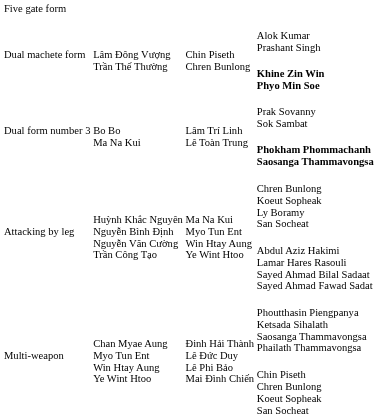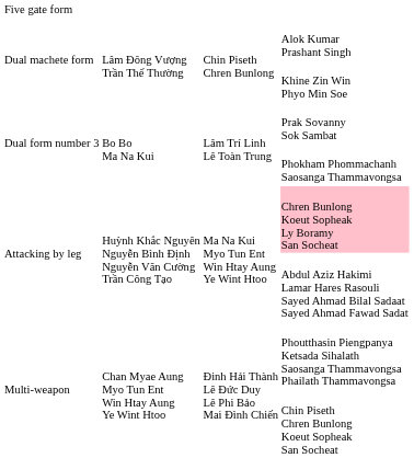 <table>
 <tr>
 <td rowspan=2>Five gate form</td>
 <td rowspan=2></td>
 <td rowspan=2></td>
 <td></td>
 </tr>
 <tr>
 <td></td>
 </tr>
 <tr>
 <td rowspan=2>Dual machete form</td>
 <td rowspan=2><br>Lâm Đông Vượng<br>Trần Thế Thường</td>
 <td rowspan=2><br>Chin Piseth<br>Chren Bunlong</td>
 <td><br>Alok Kumar<br>Prashant Singh</td>
 </tr>
 <tr>
-<td><strong><br>Khine Zin Win<br>Phyo Min Soe</strong></td>
+<td><br>Khine Zin Win<br>Phyo Min Soe</td>
 </tr>
 <tr>
 <td rowspan=2>Dual form number 3</td>
 <td rowspan=2><br>Bo Bo<br>Ma Na Kui</td>
 <td rowspan=2><br>Lâm Trí Linh<br>Lê Toàn Trung</td>
 <td><br>Prak Sovanny<br>Sok Sambat</td>
 </tr>
 <tr>
-<td><strong><br>Phokham Phommachanh<br>Saosanga Thammavongsa</strong></td>
+<td><br>Phokham Phommachanh<br>Saosanga Thammavongsa</td>
 </tr>
 <tr>
 <td rowspan=2>Attacking by leg</td>
 <td rowspan=2><br>Huỳnh Khắc Nguyên<br>Nguyễn Bình Định<br>Nguyễn Văn Cường<br>Trần Công Tạo</td>
 <td rowspan=2><br>Ma Na Kui<br>Myo Tun Ent<br>Win Htay Aung<br>Ye Wint Htoo</td>
-<td><br>Chren Bunlong<br>Koeut Sopheak<br>Ly Boramy<br>San Socheat</td>
+<td style="background: pink;"><br>Chren Bunlong<br>Koeut Sopheak<br>Ly Boramy<br>San Socheat</td>
 </tr>
 <tr>
 <td><br>Abdul Aziz Hakimi<br>Lamar Hares Rasouli<br>Sayed Ahmad Bilal Sadaat<br>Sayed Ahmad Fawad Sadat</td>
 </tr>
 <tr>
 <td rowspan=2>Multi-weapon</td>
 <td rowspan=2><br>Chan Myae Aung<br>Myo Tun Ent<br>Win Htay Aung<br>Ye Wint Htoo</td>
 <td rowspan=2><br>Đinh Hải Thành<br>Lê Đức Duy<br>Lê Phi Bảo<br>Mai Đình Chiến</td>
 <td><br>Phoutthasin Piengpanya<br>Ketsada Sihalath<br>Saosanga Thammavongsa<br>Phailath Thammavongsa</td>
 </tr>
 <tr>
 <td><br>Chin Piseth<br>Chren Bunlong<br>Koeut Sopheak<br>San Socheat</td>
 </tr>
 </table>
